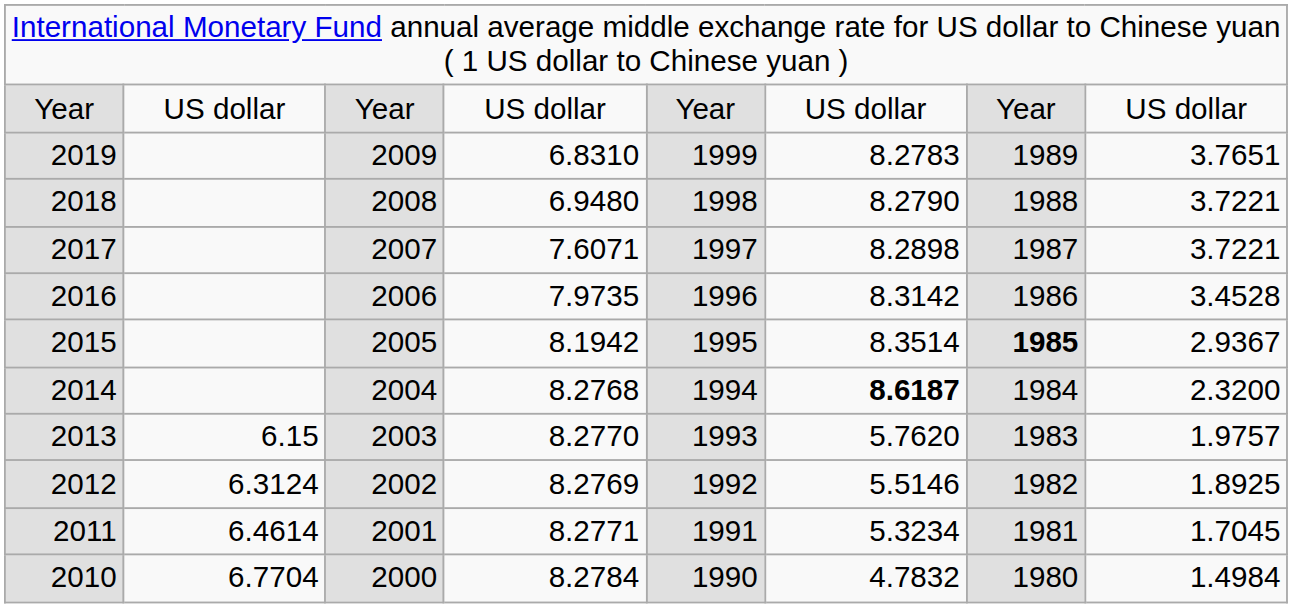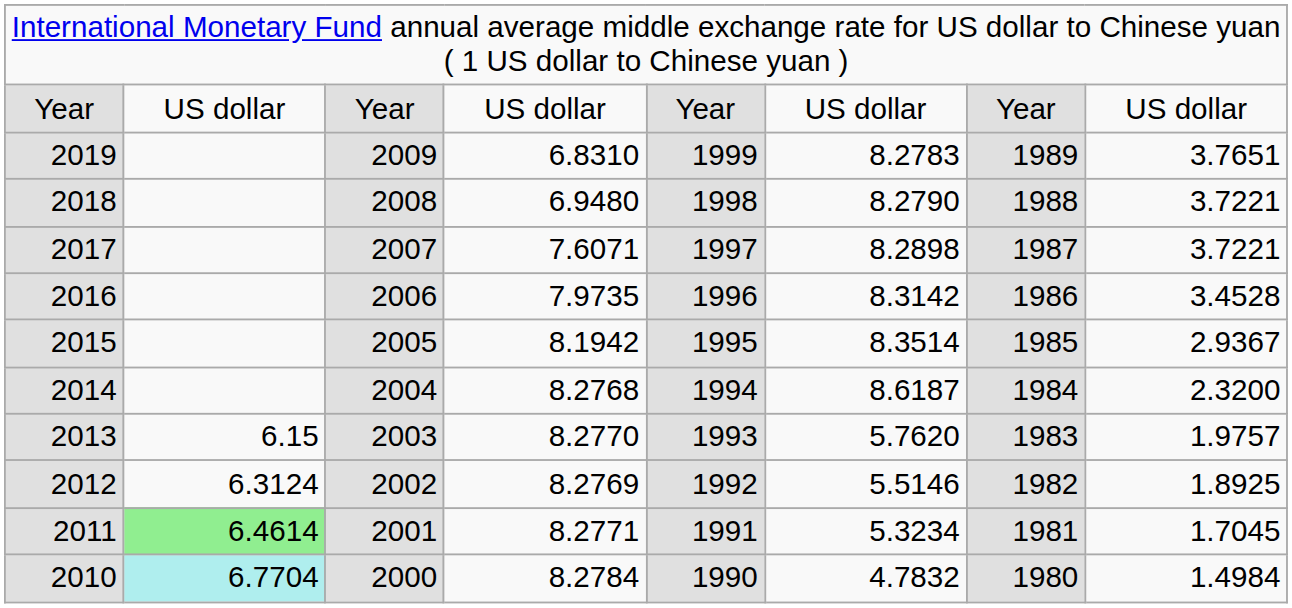 <table class="wikitable">
 <tr align=center>
 <td colspan=8><a href='#'>International Monetary Fund</a> annual average middle exchange rate for US dollar to Chinese yuan<br>( 1 US dollar to Chinese yuan )</td>
 </tr>
 <tr align=center>
 <td bgcolor=#E0E0E0>Year</td>
 <td>US dollar</td>
 <td bgcolor=#E0E0E0>Year</td>
 <td>US dollar</td>
 <td bgcolor=#E0E0E0>Year</td>
 <td>US dollar</td>
 <td bgcolor=#E0E0E0>Year</td>
 <td>US dollar</td>
 </tr>
 <tr align=right>
 <td bgcolor=#E0E0E0>2019</td>
 <td></td>
 <td bgcolor=#E0E0E0>2009</td>
 <td>6.8310</td>
 <td bgcolor=#E0E0E0>1999</td>
 <td>8.2783</td>
 <td bgcolor=#E0E0E0>1989</td>
 <td>3.7651</td>
 </tr>
 <tr align=right>
 <td bgcolor=#E0E0E0>2018</td>
 <td></td>
 <td bgcolor=#E0E0E0>2008</td>
 <td>6.9480</td>
 <td bgcolor=#E0E0E0>1998</td>
 <td>8.2790</td>
 <td bgcolor=#E0E0E0>1988</td>
 <td>3.7221</td>
 </tr>
 <tr align=right>
 <td bgcolor=#E0E0E0>2017</td>
 <td></td>
 <td bgcolor=#E0E0E0>2007</td>
 <td>7.6071</td>
 <td bgcolor=#E0E0E0>1997</td>
 <td>8.2898</td>
 <td bgcolor=#E0E0E0>1987</td>
 <td>3.7221</td>
 </tr>
 <tr align=right>
 <td bgcolor=#E0E0E0>2016</td>
 <td></td>
 <td bgcolor=#E0E0E0>2006</td>
 <td>7.9735</td>
 <td bgcolor=#E0E0E0>1996</td>
 <td>8.3142</td>
 <td bgcolor=#E0E0E0>1986</td>
 <td>3.4528</td>
 </tr>
 <tr align=right>
 <td bgcolor=#E0E0E0>2015</td>
 <td></td>
 <td bgcolor=#E0E0E0>2005</td>
 <td>8.1942</td>
 <td bgcolor=#E0E0E0>1995</td>
 <td>8.3514</td>
-<td bgcolor=#E0E0E0><strong>1985</strong></td>
+<td bgcolor=#E0E0E0>1985</td>
 <td>2.9367</td>
 </tr>
 <tr align=right>
 <td bgcolor=#E0E0E0>2014</td>
 <td></td>
 <td bgcolor=#E0E0E0>2004</td>
 <td>8.2768</td>
 <td bgcolor=#E0E0E0>1994</td>
-<td><strong>8.6187</strong></td>
+<td>8.6187</td>
 <td bgcolor=#E0E0E0>1984</td>
 <td>2.3200</td>
 </tr>
 <tr align=right>
 <td bgcolor=#E0E0E0>2013</td>
 <td>6.15</td>
 <td bgcolor=#E0E0E0>2003</td>
 <td>8.2770</td>
 <td bgcolor=#E0E0E0>1993</td>
 <td>5.7620</td>
 <td bgcolor=#E0E0E0>1983</td>
 <td>1.9757</td>
 </tr>
 <tr align=right>
 <td bgcolor=#E0E0E0>2012</td>
 <td>6.3124</td>
 <td bgcolor=#E0E0E0>2002</td>
 <td>8.2769</td>
 <td bgcolor=#E0E0E0>1992</td>
 <td>5.5146</td>
 <td bgcolor=#E0E0E0>1982</td>
 <td>1.8925</td>
 </tr>
 <tr align=right>
 <td bgcolor=#E0E0E0>2011</td>
-<td>6.4614</td>
+<td style="background: lightgreen;">6.4614</td>
 <td bgcolor=#E0E0E0>2001</td>
 <td>8.2771</td>
 <td bgcolor=#E0E0E0>1991</td>
 <td>5.3234</td>
 <td bgcolor=#E0E0E0>1981</td>
 <td>1.7045</td>
 </tr>
 <tr align=right>
 <td bgcolor=#E0E0E0>2010</td>
-<td>6.7704</td>
+<td style="background: paleturquoise;">6.7704</td>
 <td bgcolor=#E0E0E0>2000</td>
 <td>8.2784</td>
 <td bgcolor=#E0E0E0>1990</td>
 <td>4.7832</td>
 <td bgcolor=#E0E0E0>1980</td>
 <td>1.4984</td>
 </tr>
 </table>
